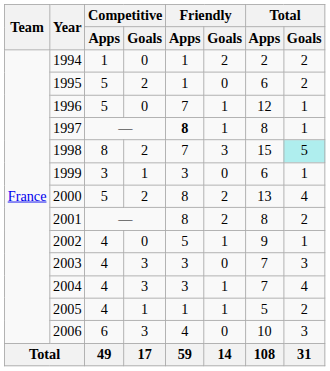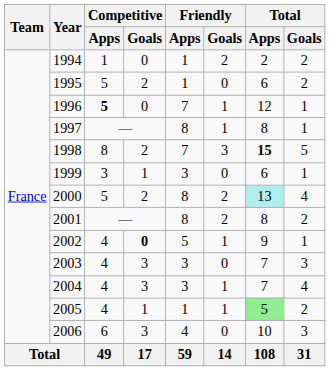 <table class="wikitable" style="text-align:center">
 <tr>
 <th rowspan="2">Team</th>
 <th rowspan="2">Year</th>
 <th colspan="2">Competitive</th>
 <th colspan="2">Friendly</th>
 <th colspan="2">Total</th>
 </tr>
 <tr>
 <th>Apps</th>
 <th>Goals</th>
 <th>Apps</th>
 <th>Goals</th>
 <th>Apps</th>
 <th>Goals</th>
 </tr>
 <tr>
 <td rowspan="13"><a href='#'>France</a></td>
 <td>1994</td>
 <td>1</td>
 <td>0</td>
 <td>1</td>
 <td>2</td>
 <td>2</td>
 <td>2</td>
 </tr>
 <tr>
 <td>1995</td>
 <td>5</td>
 <td>2</td>
 <td>1</td>
 <td>0</td>
 <td>6</td>
 <td>2</td>
 </tr>
 <tr>
 <td>1996</td>
-<td>5</td>
+<td><strong>5</strong></td>
 <td>0</td>
 <td>7</td>
 <td>1</td>
 <td>12</td>
 <td>1</td>
 </tr>
 <tr>
 <td>1997</td>
 <td colspan="2">—</td>
-<td><strong>8</strong></td>
+<td>8</td>
 <td>1</td>
 <td>8</td>
 <td>1</td>
 </tr>
 <tr>
 <td>1998</td>
 <td>8</td>
 <td>2</td>
 <td>7</td>
 <td>3</td>
-<td>15</td>
-<td style="background: paleturquoise;">5</td>
+<td><strong>15</strong></td>
+<td>5</td>
 </tr>
 <tr>
 <td>1999</td>
 <td>3</td>
 <td>1</td>
 <td>3</td>
 <td>0</td>
 <td>6</td>
 <td>1</td>
 </tr>
 <tr>
 <td>2000</td>
 <td>5</td>
 <td>2</td>
 <td>8</td>
 <td>2</td>
-<td>13</td>
+<td style="background: paleturquoise;">13</td>
 <td>4</td>
 </tr>
 <tr>
 <td>2001</td>
 <td colspan="2">—</td>
 <td>8</td>
 <td>2</td>
 <td>8</td>
 <td>2</td>
 </tr>
 <tr>
 <td>2002</td>
 <td>4</td>
-<td>0</td>
+<td><strong>0</strong></td>
 <td>5</td>
 <td>1</td>
 <td>9</td>
 <td>1</td>
 </tr>
 <tr>
 <td>2003</td>
 <td>4</td>
 <td>3</td>
 <td>3</td>
 <td>0</td>
 <td>7</td>
 <td>3</td>
 </tr>
 <tr>
 <td>2004</td>
 <td>4</td>
 <td>3</td>
 <td>3</td>
 <td>1</td>
 <td>7</td>
 <td>4</td>
 </tr>
 <tr>
 <td>2005</td>
 <td>4</td>
 <td>1</td>
 <td>1</td>
 <td>1</td>
-<td>5</td>
+<td style="background: lightgreen;">5</td>
 <td>2</td>
 </tr>
 <tr>
 <td>2006</td>
 <td>6</td>
 <td>3</td>
 <td>4</td>
 <td>0</td>
 <td>10</td>
 <td>3</td>
 </tr>
 <tr>
 <th colspan="2">Total</th>
 <th>49</th>
 <th>17</th>
 <th>59</th>
 <th>14</th>
 <th>108</th>
 <th>31</th>
 </tr>
 </table>
